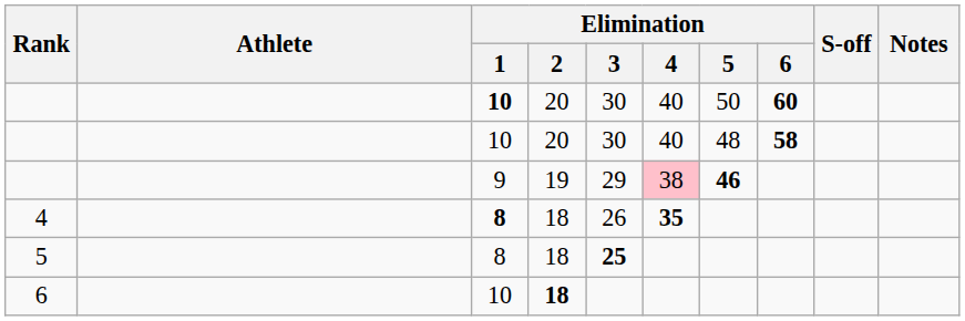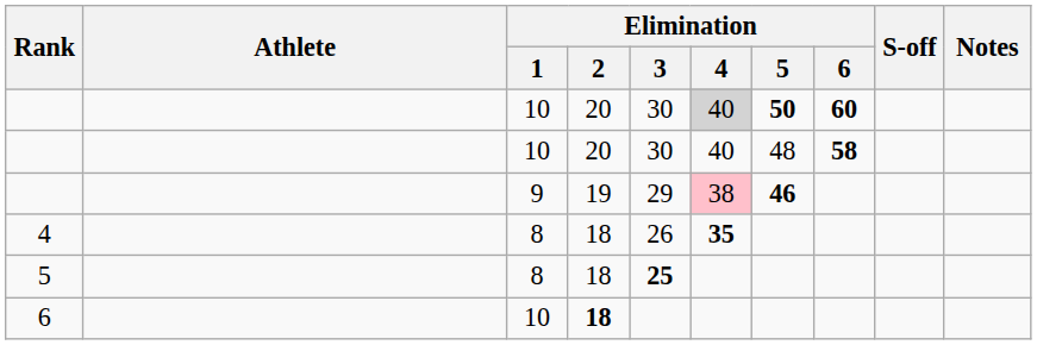 <table class="wikitable" style="text-align:center">
 <tr>
 <th rowspan=2 width=40>Rank</th>
 <th rowspan=2 width=250>Athlete</th>
 <th colspan=6>Elimination</th>
 <th rowspan=2 width=35>S-off</th>
 <th rowspan=2 width=45>Notes</th>
 </tr>
 <tr>
 <th width=30>1</th>
 <th width=30>2</th>
 <th width=30>3</th>
 <th width=30>4</th>
 <th width=30>5</th>
 <th width=30>6</th>
 </tr>
 <tr>
 <td></td>
 <td align=left></td>
-<td><strong>10</strong></td>
+<td>10</td>
 <td>20</td>
 <td>30</td>
-<td>40</td>
-<td>50</td>
+<td style="background: lightgrey;">40</td>
+<td><strong>50</strong></td>
 <td><strong>60</strong></td>
 <td></td>
 <td></td>
 </tr>
 <tr>
 <td></td>
 <td align=left></td>
 <td>10</td>
 <td>20</td>
 <td>30</td>
 <td>40</td>
 <td>48</td>
 <td><strong>58</strong></td>
 <td></td>
 <td></td>
 </tr>
 <tr>
 <td></td>
 <td align=left></td>
 <td>9</td>
 <td>19</td>
 <td>29</td>
 <td style="background: pink;">38</td>
 <td><strong>46</strong></td>
 <td></td>
 <td></td>
 <td></td>
 </tr>
 <tr>
 <td>4</td>
 <td align=left></td>
-<td><strong>8</strong></td>
+<td>8</td>
 <td>18</td>
 <td>26</td>
 <td><strong>35</strong></td>
 <td></td>
 <td></td>
 <td></td>
 <td></td>
 </tr>
 <tr>
 <td>5</td>
 <td align=left></td>
 <td>8</td>
 <td>18</td>
 <td><strong>25</strong></td>
 <td></td>
 <td></td>
 <td></td>
 <td></td>
 <td></td>
 </tr>
 <tr>
 <td>6</td>
 <td align=left></td>
 <td>10</td>
 <td><strong>18</strong></td>
 <td></td>
 <td></td>
 <td></td>
 <td></td>
 <td></td>
 <td></td>
 </tr>
 </table>
